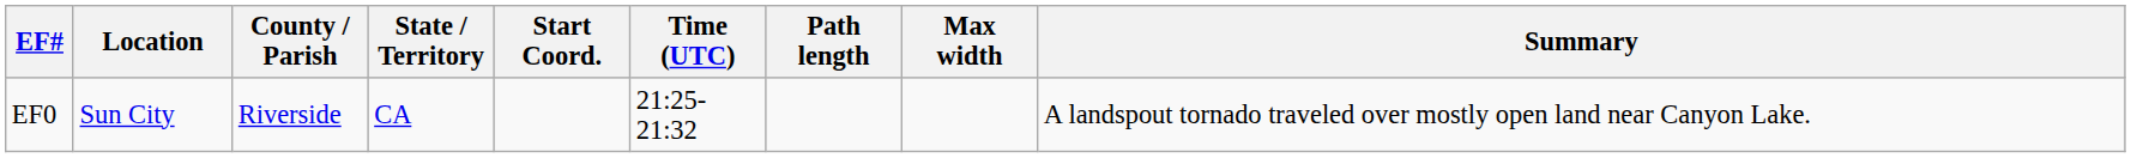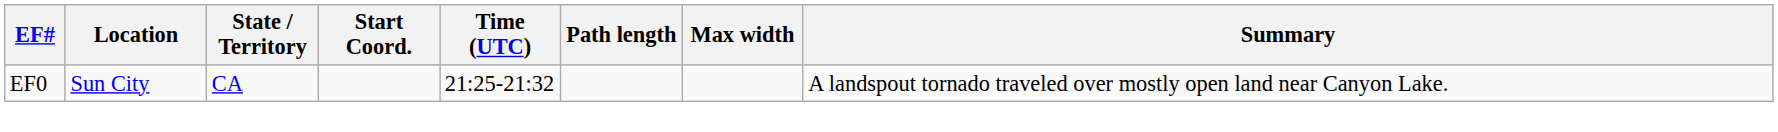 <table class="wikitable sortable" style="width:100%;">
 <tr>
 <th scope="col"  style="width:3%; text-align:center;"><a href='#'>EF#</a></th>
 <th scope="col"  style="width:7%; text-align:center;" class="unsortable">Location</th>
-<th scope="col"  style="width:6%; text-align:center;" class="unsortable">County / Parish</th>
 <th scope="col"  style="width:5%; text-align:center;">State / Territory</th>
 <th scope="col"  style="width:6%; text-align:center;">Start Coord.</th>
 <th scope="col"  style="width:6%; text-align:center;">Time (<a href='#'>UTC</a>)</th>
 <th scope="col"  style="width:6%; text-align:center;">Path length</th>
 <th scope="col"  style="width:6%; text-align:center;">Max width</th>
 <th scope="col" class="unsortable" style="width:48%; text-align:center;">Summary</th>
 </tr>
 <tr>
 <td>EF0</td>
 <td><a href='#'>Sun City</a></td>
-<td><a href='#'>Riverside</a></td>
 <td><a href='#'>CA</a></td>
 <td></td>
 <td>21:25-21:32</td>
 <td></td>
 <td></td>
 <td>A landspout tornado traveled over mostly open land near Canyon Lake.</td>
 </tr>
 </table>
